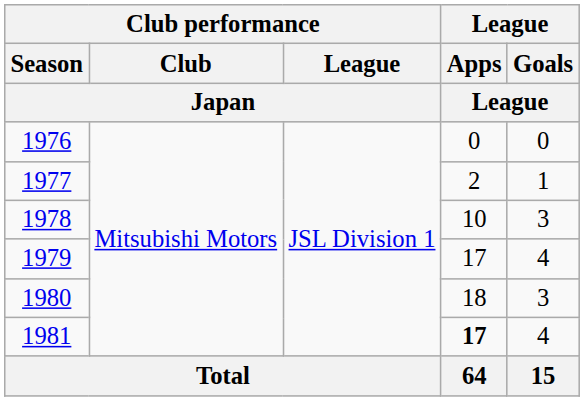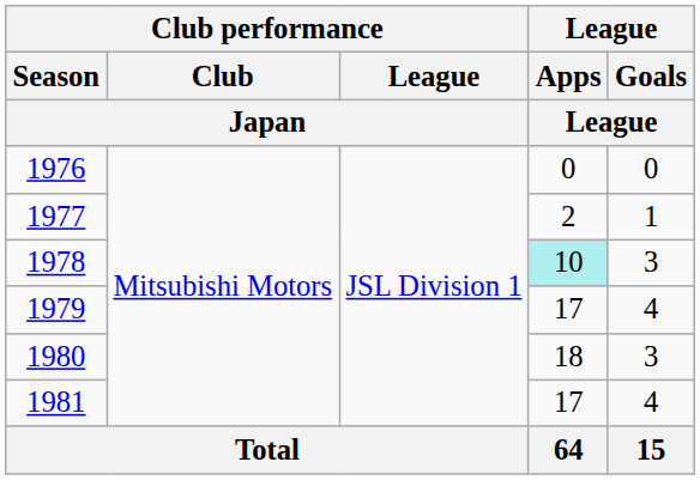 <table class="wikitable" style="text-align:center;">
 <tr>
 <th colspan=3>Club performance</th>
 <th colspan=2>League</th>
 </tr>
 <tr>
 <th>Season</th>
 <th>Club</th>
 <th>League</th>
 <th>Apps</th>
 <th>Goals</th>
 </tr>
 <tr>
 <th colspan=3>Japan</th>
 <th colspan=2>League</th>
 </tr>
 <tr>
 <td><a href='#'>1976</a></td>
 <td rowspan="6"><a href='#'>Mitsubishi Motors</a></td>
 <td rowspan="6"><a href='#'>JSL Division 1</a></td>
 <td>0</td>
 <td>0</td>
 </tr>
 <tr>
 <td><a href='#'>1977</a></td>
 <td>2</td>
 <td>1</td>
 </tr>
 <tr>
 <td><a href='#'>1978</a></td>
-<td>10</td>
+<td style="background: paleturquoise;">10</td>
 <td>3</td>
 </tr>
 <tr>
 <td><a href='#'>1979</a></td>
 <td>17</td>
 <td>4</td>
 </tr>
 <tr>
 <td><a href='#'>1980</a></td>
 <td>18</td>
 <td>3</td>
 </tr>
 <tr>
 <td><a href='#'>1981</a></td>
-<td><strong>17</strong></td>
+<td>17</td>
 <td>4</td>
 </tr>
 <tr>
 <th colspan=3>Total</th>
 <th>64</th>
 <th>15</th>
 </tr>
 </table>
